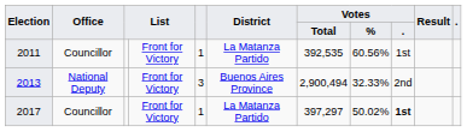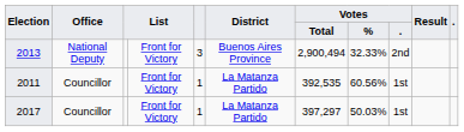 <table class="wikitable" style="font-size:90%; text-align:center;">
 <tr>
 <th style="background-color:#EAECF0;" rowspan=2>Election</th>
 <th style="background-color:#EAECF0;" rowspan=2>Office</th>
 <th style="background-color:#EAECF0;" colspan=2 rowspan=2>List</th>
 <th style="background-color:#EAECF0;" rowspan=2></th>
 <th style="background-color:#EAECF0;" rowspan=2>District</th>
 <th style="background-color:#EAECF0;" colspan=3>Votes</th>
 <th style="background-color:#EAECF0;" rowspan=2>Result</th>
 <th style="background-color:#EAECF0;" rowspan=2>.</th>
 </tr>
 <tr>
 <th style="background-color:#EAECF0;">Total</th>
 <th style="background-color:#EAECF0;">%</th>
 <th style="background-color:#EAECF0;">.</th>
 </tr>
 <tr>
+<td style="background-color:#EAECF0;"><a href='#'>2013</a></td>
+<td><a href='#'>National Deputy</a></td>
+<td style="background-color:"></td>
+<td><a href='#'>Front for Victory</a></td>
+<td>3</td>
+<td><a href='#'>Buenos Aires Province</a></td>
+<td>2,900,494</td>
+<td>32.33%</td>
+<td>2nd</td>
+<td></td>
+<td></td>
+</tr>
+<tr>
 <td style="background-color:#EAECF0;">2011</td>
 <td>Councillor</td>
 <td style="background-color:"></td>
 <td><a href='#'>Front for Victory</a></td>
 <td>1</td>
 <td><a href='#'>La Matanza Partido</a></td>
 <td>392,535</td>
 <td>60.56%</td>
 <td>1st</td>
 <td></td>
 <td></td>
 </tr>
 <tr>
-<td style="background-color:#EAECF0;"><a href='#'>2013</a></td>
-<td><a href='#'>National Deputy</a></td>
-<td style="background-color:"></td>
-<td><a href='#'>Front for Victory</a></td>
-<td>3</td>
-<td><a href='#'>Buenos Aires Province</a></td>
-<td>2,900,494</td>
-<td>32.33%</td>
-<td>2nd</td>
-<td></td>
-<td></td>
-</tr>
-<tr>
 <td style="background-color:#EAECF0;">2017</td>
 <td>Councillor</td>
 <td style="background-color:"></td>
 <td><a href='#'>Front for Victory</a></td>
 <td>1</td>
 <td><a href='#'>La Matanza Partido</a></td>
 <td>397,297</td>
-<td>50.02%</td>
-<td><strong>1st</strong></td>
+<td>50.03%</td>
+<td>1st</td>
 <td></td>
 <td></td>
 </tr>
 </table>
